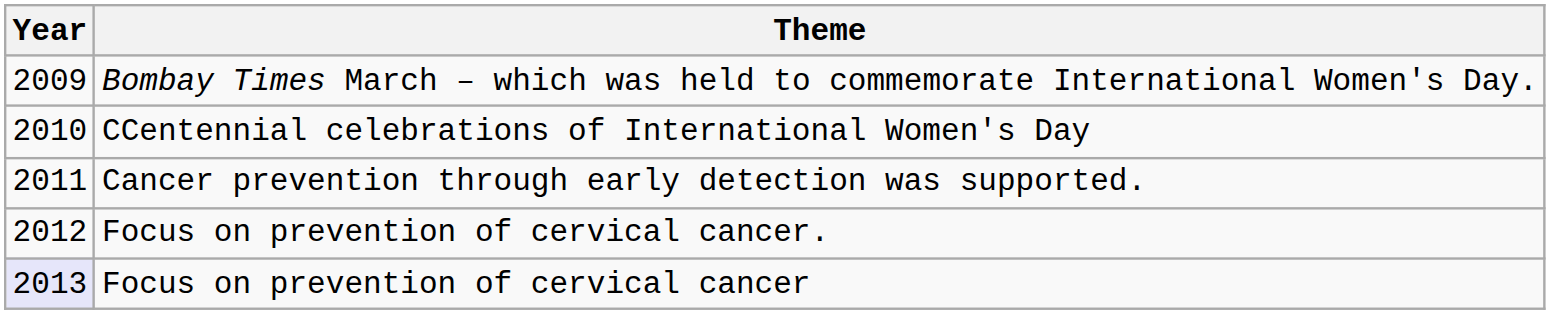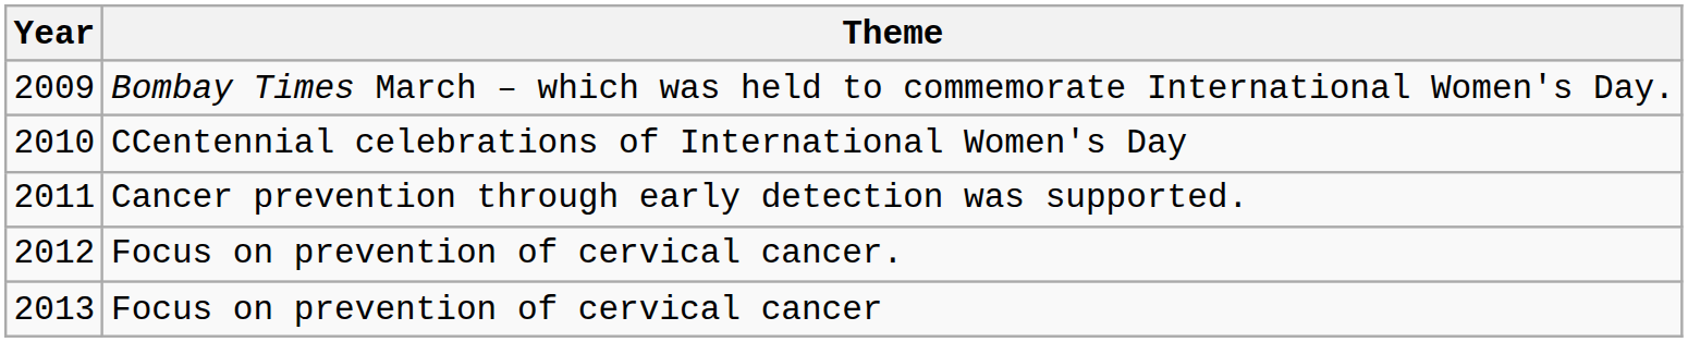 <table class="wikitable">
 <tr>
 <th>Year</th>
 <th>Theme</th>
 </tr>
 <tr>
 <td>2009</td>
 <td><em>Bombay Times</em> March – which was held to commemorate International Women's Day.</td>
 </tr>
 <tr>
 <td>2010</td>
 <td>CCentennial celebrations of International Women's Day</td>
 </tr>
 <tr>
 <td>2011</td>
 <td>Cancer prevention through early detection was supported.</td>
 </tr>
 <tr>
 <td>2012</td>
 <td>Focus on prevention of cervical cancer.</td>
 </tr>
 <tr>
-<td style="background: lavender;">2013</td>
+<td>2013</td>
 <td>Focus on prevention of cervical cancer</td>
 </tr>
 </table>
